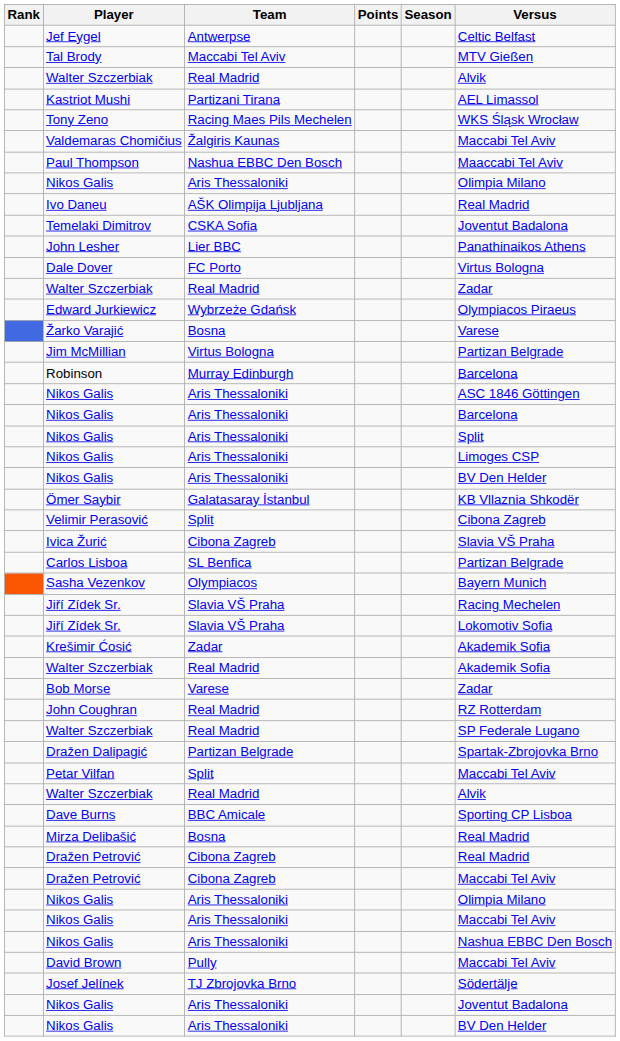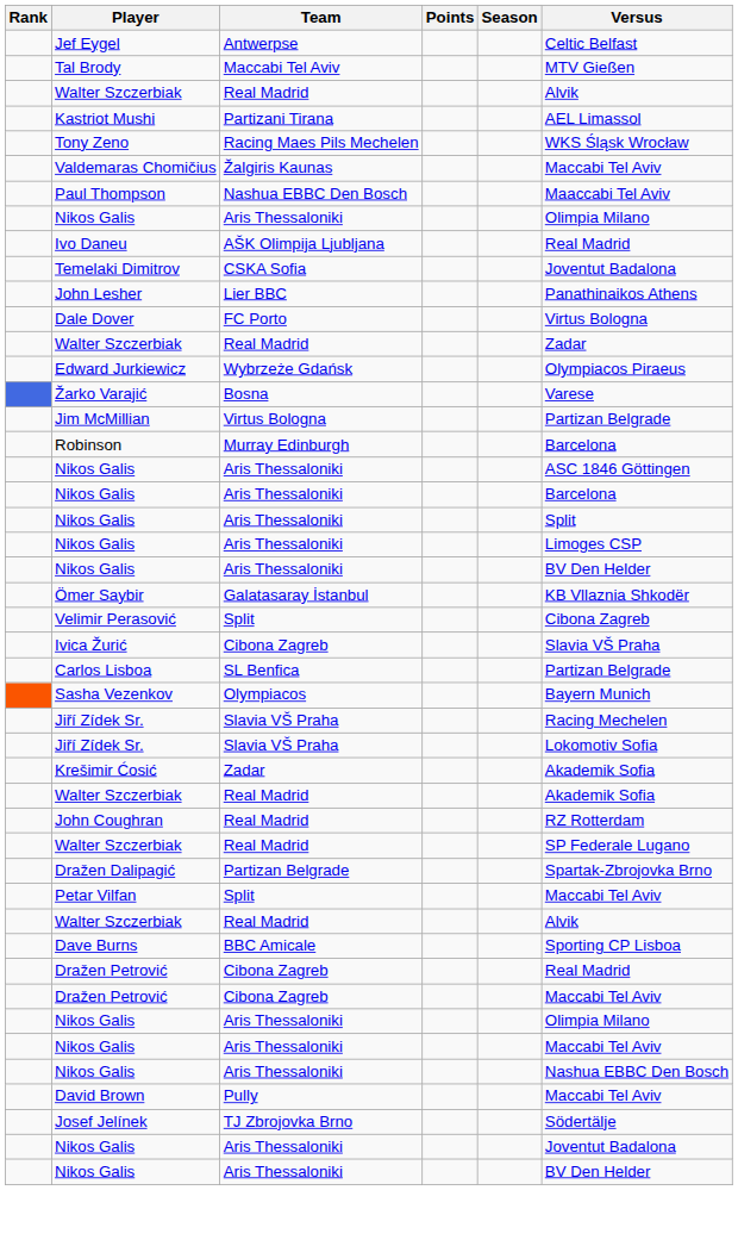 <table class="wikitable sortable">
 <tr>
 <th>Rank</th>
 <th>Player</th>
 <th>Team</th>
 <th>Points</th>
 <th>Season</th>
 <th>Versus</th>
 </tr>
 <tr>
 <td></td>
 <td> <a href='#'>Jef Eygel</a></td>
 <td> <a href='#'>Antwerpse</a></td>
 <td></td>
 <td></td>
 <td> <a href='#'>Celtic Belfast</a></td>
 </tr>
 <tr>
 <td></td>
 <td> <a href='#'>Tal Brody</a></td>
 <td> <a href='#'>Maccabi Tel Aviv</a></td>
 <td></td>
 <td></td>
 <td> <a href='#'>MTV Gießen</a></td>
 </tr>
 <tr>
 <td></td>
 <td> <a href='#'>Walter Szczerbiak</a></td>
 <td> <a href='#'>Real Madrid</a></td>
 <td></td>
 <td></td>
 <td> <a href='#'>Alvik</a></td>
 </tr>
 <tr>
 <td></td>
 <td> <a href='#'>Kastriot Mushi</a></td>
 <td> <a href='#'>Partizani Tirana</a></td>
 <td></td>
 <td></td>
 <td> <a href='#'>AEL Limassol</a></td>
 </tr>
 <tr>
 <td></td>
 <td> <a href='#'>Tony Zeno</a></td>
 <td> <a href='#'>Racing Maes Pils Mechelen</a></td>
 <td></td>
 <td></td>
 <td> <a href='#'>WKS Śląsk Wrocław</a></td>
 </tr>
 <tr>
 <td></td>
 <td> <a href='#'>Valdemaras Chomičius</a></td>
 <td> <a href='#'>Žalgiris Kaunas</a></td>
 <td></td>
 <td></td>
 <td> <a href='#'>Maccabi Tel Aviv</a></td>
 </tr>
 <tr>
 <td></td>
 <td> <a href='#'>Paul Thompson</a></td>
 <td> <a href='#'>Nashua EBBC Den Bosch</a></td>
 <td></td>
 <td></td>
 <td> <a href='#'>Maaccabi Tel Aviv</a></td>
 </tr>
 <tr>
 <td></td>
 <td> <a href='#'>Nikos Galis</a></td>
 <td> <a href='#'>Aris Thessaloniki</a></td>
 <td></td>
 <td></td>
 <td> <a href='#'>Olimpia Milano</a></td>
 </tr>
 <tr>
 <td></td>
 <td> <a href='#'>Ivo Daneu</a></td>
 <td> <a href='#'>AŠK Olimpija Ljubljana</a></td>
 <td></td>
 <td></td>
 <td> <a href='#'>Real Madrid</a></td>
 </tr>
 <tr>
 <td></td>
 <td> <a href='#'>Temelaki Dimitrov</a></td>
 <td> <a href='#'>CSKA Sofia</a></td>
 <td></td>
 <td></td>
 <td> <a href='#'>Joventut Badalona</a></td>
 </tr>
 <tr>
 <td></td>
 <td> <a href='#'>John Lesher</a></td>
 <td> <a href='#'>Lier BBC</a></td>
 <td></td>
 <td></td>
 <td> <a href='#'>Panathinaikos Athens</a></td>
 </tr>
 <tr>
 <td></td>
 <td> <a href='#'>Dale Dover</a></td>
 <td> <a href='#'>FC Porto</a></td>
 <td></td>
 <td></td>
 <td> <a href='#'>Virtus Bologna</a></td>
 </tr>
 <tr>
 <td></td>
 <td> <a href='#'>Walter Szczerbiak</a></td>
 <td> <a href='#'>Real Madrid</a></td>
 <td></td>
 <td></td>
 <td> <a href='#'>Zadar</a></td>
 </tr>
 <tr>
 <td></td>
 <td> <a href='#'>Edward Jurkiewicz</a></td>
 <td> <a href='#'>Wybrzeże Gdańsk</a></td>
 <td></td>
 <td></td>
 <td> <a href='#'>Olympiacos Piraeus</a></td>
 </tr>
 <tr>
 <td style="background-color:#4169E1"></td>
 <td> <a href='#'>Žarko Varajić</a></td>
 <td> <a href='#'>Bosna</a></td>
 <td></td>
 <td></td>
 <td> <a href='#'>Varese</a></td>
 </tr>
 <tr>
 <td></td>
 <td> <a href='#'>Jim McMillian</a></td>
 <td> <a href='#'>Virtus Bologna</a></td>
 <td></td>
 <td></td>
 <td> <a href='#'>Partizan Belgrade</a></td>
 </tr>
 <tr>
 <td></td>
 <td> Robinson</td>
 <td> <a href='#'>Murray Edinburgh</a></td>
 <td></td>
 <td></td>
 <td> <a href='#'>Barcelona</a></td>
 </tr>
 <tr>
 <td></td>
 <td> <a href='#'>Nikos Galis</a></td>
 <td> <a href='#'>Aris Thessaloniki</a></td>
 <td></td>
 <td></td>
 <td> <a href='#'>ASC 1846 Göttingen</a></td>
 </tr>
 <tr>
 <td></td>
 <td> <a href='#'>Nikos Galis</a></td>
 <td> <a href='#'>Aris Thessaloniki</a></td>
 <td></td>
 <td></td>
 <td> <a href='#'>Barcelona</a></td>
 </tr>
 <tr>
 <td></td>
 <td> <a href='#'>Nikos Galis</a></td>
 <td> <a href='#'>Aris Thessaloniki</a></td>
 <td></td>
 <td></td>
 <td> <a href='#'>Split</a></td>
 </tr>
 <tr>
 <td></td>
 <td> <a href='#'>Nikos Galis</a></td>
 <td> <a href='#'>Aris Thessaloniki</a></td>
 <td></td>
 <td></td>
 <td> <a href='#'>Limoges CSP</a></td>
 </tr>
 <tr>
 <td></td>
 <td> <a href='#'>Nikos Galis</a></td>
 <td> <a href='#'>Aris Thessaloniki</a></td>
 <td></td>
 <td></td>
 <td> <a href='#'>BV Den Helder</a></td>
 </tr>
 <tr>
 <td></td>
 <td> <a href='#'>Ömer Saybir</a></td>
 <td> <a href='#'>Galatasaray İstanbul</a></td>
 <td></td>
 <td></td>
 <td> <a href='#'>KB Vllaznia Shkodër</a></td>
 </tr>
 <tr>
 <td></td>
 <td> <a href='#'>Velimir Perasović</a></td>
 <td> <a href='#'>Split</a></td>
 <td></td>
 <td></td>
 <td> <a href='#'>Cibona Zagreb</a></td>
 </tr>
 <tr>
 <td></td>
 <td> <a href='#'>Ivica Žurić</a></td>
 <td> <a href='#'>Cibona Zagreb</a></td>
 <td></td>
 <td></td>
 <td> <a href='#'>Slavia VŠ Praha</a></td>
 </tr>
 <tr>
 <td></td>
 <td> <a href='#'>Carlos Lisboa</a></td>
 <td> <a href='#'>SL Benfica</a></td>
 <td></td>
 <td></td>
 <td> <a href='#'>Partizan Belgrade</a></td>
 </tr>
 <tr>
 <td style="background-color:#FA5500"></td>
 <td> <a href='#'>Sasha Vezenkov</a></td>
 <td> <a href='#'>Olympiacos</a></td>
 <td></td>
 <td></td>
 <td> <a href='#'>Bayern Munich</a></td>
 </tr>
 <tr>
 <td></td>
 <td> <a href='#'>Jiří Zídek Sr.</a></td>
 <td> <a href='#'>Slavia VŠ Praha</a></td>
 <td></td>
 <td></td>
 <td> <a href='#'>Racing Mechelen</a></td>
 </tr>
 <tr>
 <td></td>
 <td> <a href='#'>Jiří Zídek Sr.</a></td>
 <td> <a href='#'>Slavia VŠ Praha</a></td>
 <td></td>
 <td></td>
 <td> <a href='#'>Lokomotiv Sofia</a></td>
 </tr>
 <tr>
 <td></td>
 <td> <a href='#'>Krešimir Ćosić</a></td>
 <td> <a href='#'>Zadar</a></td>
 <td></td>
 <td></td>
 <td> <a href='#'>Akademik Sofia</a></td>
 </tr>
 <tr>
 <td></td>
 <td> <a href='#'>Walter Szczerbiak</a></td>
 <td> <a href='#'>Real Madrid</a></td>
 <td></td>
 <td></td>
 <td> <a href='#'>Akademik Sofia</a></td>
 </tr>
 <tr>
 <td></td>
-<td> <a href='#'>Bob Morse</a></td>
-<td> <a href='#'>Varese</a></td>
-<td></td>
-<td></td>
-<td> <a href='#'>Zadar</a></td>
-</tr>
-<tr>
-<td></td>
 <td> <a href='#'>John Coughran</a></td>
 <td> <a href='#'>Real Madrid</a></td>
 <td></td>
 <td></td>
 <td> <a href='#'>RZ Rotterdam</a></td>
 </tr>
 <tr>
 <td></td>
 <td> <a href='#'>Walter Szczerbiak</a></td>
 <td> <a href='#'>Real Madrid</a></td>
 <td></td>
 <td></td>
 <td> <a href='#'>SP Federale Lugano</a></td>
 </tr>
 <tr>
 <td></td>
 <td> <a href='#'>Dražen Dalipagić</a></td>
 <td> <a href='#'>Partizan Belgrade</a></td>
 <td></td>
 <td></td>
 <td> <a href='#'>Spartak-Zbrojovka Brno</a></td>
 </tr>
 <tr>
 <td></td>
 <td> <a href='#'>Petar Vilfan</a></td>
 <td> <a href='#'>Split</a></td>
 <td></td>
 <td></td>
 <td> <a href='#'>Maccabi Tel Aviv</a></td>
 </tr>
 <tr>
 <td></td>
 <td> <a href='#'>Walter Szczerbiak</a></td>
 <td> <a href='#'>Real Madrid</a></td>
 <td></td>
 <td></td>
 <td> <a href='#'>Alvik</a></td>
 </tr>
 <tr>
 <td></td>
 <td> <a href='#'>Dave Burns</a></td>
 <td> <a href='#'>BBC Amicale</a></td>
 <td></td>
 <td></td>
 <td> <a href='#'>Sporting CP Lisboa</a></td>
-</tr>
-<tr>
-<td></td>
-<td> <a href='#'>Mirza Delibašić</a></td>
-<td> <a href='#'>Bosna</a></td>
-<td></td>
-<td></td>
-<td> <a href='#'>Real Madrid</a></td>
 </tr>
 <tr>
 <td></td>
 <td> <a href='#'>Dražen Petrović</a></td>
 <td> <a href='#'>Cibona Zagreb</a></td>
 <td></td>
 <td></td>
 <td> <a href='#'>Real Madrid</a></td>
 </tr>
 <tr>
 <td></td>
 <td> <a href='#'>Dražen Petrović</a></td>
 <td> <a href='#'>Cibona Zagreb</a></td>
 <td></td>
 <td></td>
 <td> <a href='#'>Maccabi Tel Aviv</a></td>
 </tr>
 <tr>
 <td></td>
 <td> <a href='#'>Nikos Galis</a></td>
 <td> <a href='#'>Aris Thessaloniki</a></td>
 <td></td>
 <td></td>
 <td> <a href='#'>Olimpia Milano</a></td>
 </tr>
 <tr>
 <td></td>
 <td> <a href='#'>Nikos Galis</a></td>
 <td> <a href='#'>Aris Thessaloniki</a></td>
 <td></td>
 <td></td>
 <td> <a href='#'>Maccabi Tel Aviv</a></td>
 </tr>
 <tr>
 <td></td>
 <td> <a href='#'>Nikos Galis</a></td>
 <td> <a href='#'>Aris Thessaloniki</a></td>
 <td></td>
 <td></td>
 <td> <a href='#'>Nashua EBBC Den Bosch</a></td>
 </tr>
 <tr>
 <td></td>
 <td> <a href='#'>David Brown</a></td>
 <td> <a href='#'>Pully</a></td>
 <td></td>
 <td></td>
 <td> <a href='#'>Maccabi Tel Aviv</a></td>
 </tr>
 <tr>
 <td></td>
 <td> <a href='#'>Josef Jelínek</a></td>
 <td> <a href='#'>TJ Zbrojovka Brno</a></td>
 <td></td>
 <td></td>
 <td> <a href='#'>Södertälje</a></td>
 </tr>
 <tr>
 <td></td>
 <td> <a href='#'>Nikos Galis</a></td>
 <td> <a href='#'>Aris Thessaloniki</a></td>
 <td></td>
 <td></td>
 <td> <a href='#'>Joventut Badalona</a></td>
 </tr>
 <tr>
 <td></td>
 <td> <a href='#'>Nikos Galis</a></td>
 <td> <a href='#'>Aris Thessaloniki</a></td>
 <td></td>
 <td></td>
 <td> <a href='#'>BV Den Helder</a></td>
 </tr>
 </table>
